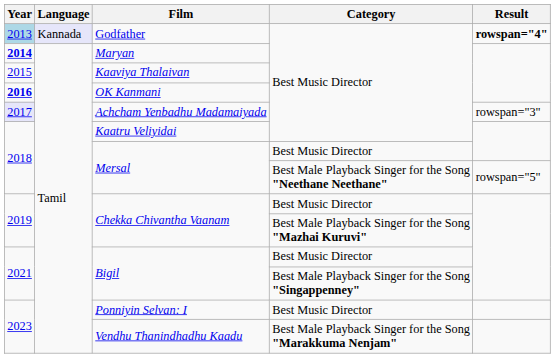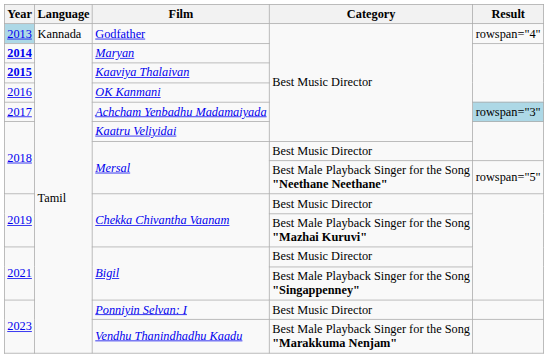 <table class="wikitable">
 <tr>
 <th>Year</th>
 <th>Language</th>
 <th>Film</th>
 <th>Category</th>
 <th>Result</th>
 </tr>
 <tr>
 <td style="background: lightblue;"><a href='#'>2013</a></td>
-<td style="background: lavender;">Kannada</td>
+<td>Kannada</td>
 <td><a href='#'>Godfather</a></td>
 <td rowspan="6">Best Music Director</td>
-<td><strong>rowspan="4" </strong></td>
+<td>rowspan="4" </td>
 </tr>
 <tr>
 <td><strong><a href='#'>2014</a></strong></td>
 <td rowspan="13">Tamil</td>
 <td><em><a href='#'>Maryan</a></em></td>
 </tr>
 <tr>
-<td><a href='#'>2015</a></td>
+<td><strong><a href='#'>2015</a></strong></td>
 <td><em><a href='#'>Kaaviya Thalaivan</a></em></td>
 </tr>
 <tr>
-<td><strong><a href='#'>2016</a></strong></td>
+<td><a href='#'>2016</a></td>
 <td><em><a href='#'>OK Kanmani</a></em></td>
 </tr>
 <tr>
-<td style="background: lavender;"><a href='#'>2017</a></td>
+<td><a href='#'>2017</a></td>
 <td><em><a href='#'>Achcham Yenbadhu Madamaiyada</a></em></td>
-<td>rowspan="3" </td>
+<td style="background: lightblue;">rowspan="3" </td>
 </tr>
 <tr>
 <td rowspan="3"><a href='#'>2018</a></td>
 <td><em><a href='#'>Kaatru Veliyidai</a></em></td>
 </tr>
 <tr>
 <td rowspan="2"><em><a href='#'>Mersal</a></em></td>
 <td>Best Music Director</td>
 </tr>
 <tr>
 <td>Best Male Playback Singer for the Song<br><strong>"Neethane Neethane"</strong></td>
 <td>rowspan="5" </td>
 </tr>
 <tr>
 <td rowspan="2"><a href='#'>2019</a></td>
 <td rowspan="2"><em><a href='#'>Chekka Chivantha Vaanam</a></em></td>
 <td>Best Music Director</td>
 </tr>
 <tr>
 <td>Best Male Playback Singer for the Song<br><strong>"Mazhai Kuruvi"</strong></td>
 </tr>
 <tr>
 <td rowspan="2"><a href='#'>2021</a></td>
 <td rowspan="2"><em><a href='#'>Bigil</a></em></td>
 <td>Best Music Director</td>
 </tr>
 <tr>
 <td>Best Male Playback Singer for the Song<br><strong>"Singappenney"</strong></td>
 </tr>
 <tr>
 <td rowspan="2"><a href='#'>2023</a></td>
 <td><em><a href='#'>Ponniyin Selvan: I</a></em></td>
 <td>Best Music Director</td>
 <td></td>
 </tr>
 <tr>
 <td><em><a href='#'>Vendhu Thanindhadhu Kaadu</a></em></td>
 <td>Best Male Playback Singer for the Song<br><strong>"Marakkuma Nenjam"</strong></td>
 <td></td>
 </tr>
 </table>
